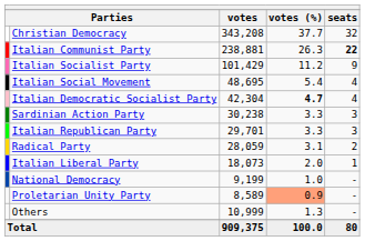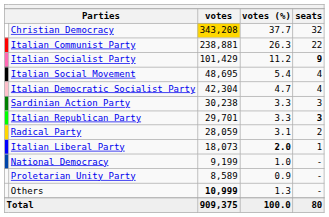 <table class="wikitable" style="font-size:95%">
 <tr>
 <th colspan=5></th>
 </tr>
 <tr>
 </tr>
 <tr bgcolor="EFEFEF">
 <th Colspan=2>Parties</th>
 <th>votes</th>
 <th>votes (%)</th>
 <th>seats</th>
 </tr>
 <tr>
 <td bgcolor=White></td>
 <td><a href='#'>Christian Democracy</a></td>
-<td align=right>343,208</td>
+<td align=right style="background: gold;">343,208</td>
 <td align=right>37.7</td>
 <td align=right>32</td>
 </tr>
 <tr>
 <td bgcolor=Red></td>
 <td><a href='#'>Italian Communist Party</a></td>
 <td align=right>238,881</td>
 <td align=right>26.3</td>
-<td align=right><strong>22</strong></td>
+<td align=right>22</td>
 </tr>
 <tr>
 <td bgcolor=Hotpink></td>
 <td><a href='#'>Italian Socialist Party</a></td>
 <td align=right>101,429</td>
 <td align=right>11.2</td>
-<td align=right>9</td>
+<td align=right><strong>9</strong></td>
 </tr>
 <tr>
 <td bgcolor=Black></td>
 <td><a href='#'>Italian Social Movement</a></td>
 <td align=right>48,695</td>
 <td align=right>5.4</td>
 <td align=right>4</td>
 </tr>
 <tr>
 <td bgcolor=Pink></td>
 <td><a href='#'>Italian Democratic Socialist Party</a></td>
 <td align=right>42,304</td>
-<td align=right><strong>4.7</strong></td>
+<td align=right>4.7</td>
 <td align=right>4</td>
 </tr>
 <tr>
 <td bgcolor=Green></td>
 <td><a href='#'>Sardinian Action Party</a></td>
 <td align=right>30,238</td>
 <td align=right>3.3</td>
 <td align=right>3</td>
 </tr>
 <tr>
 <td bgcolor=Lime></td>
 <td><a href='#'>Italian Republican Party</a></td>
 <td align=right>29,701</td>
 <td align=right>3.3</td>
-<td align=right>3</td>
+<td align=right><strong>3</strong></td>
 </tr>
 <tr>
 <td bgcolor=Gold></td>
 <td><a href='#'>Radical Party</a></td>
 <td align=right>28,059</td>
 <td align=right>3.1</td>
 <td align=right>2</td>
 </tr>
 <tr>
 <td bgcolor=Blue></td>
 <td><a href='#'>Italian Liberal Party</a></td>
 <td align=right>18,073</td>
-<td align=right>2.0</td>
+<td align=right><strong>2.0</strong></td>
 <td align=right>1</td>
 </tr>
 <tr>
 <td bgcolor=#0045AA></td>
 <td><a href='#'>National Democracy</a></td>
 <td align=right>9,199</td>
 <td align=right>1.0</td>
 <td align=right>-</td>
 </tr>
 <tr>
 <td bgcolor=></td>
 <td><a href='#'>Proletarian Unity Party</a></td>
 <td align=right>8,589</td>
-<td align=right style="background: lightsalmon;">0.9</td>
+<td align=right>0.9</td>
 <td align=right>-</td>
 </tr>
 <tr>
 <td bgcolor=></td>
 <td>Others</td>
-<td align=right>10,999</td>
+<td align=right><strong>10,999</strong></td>
 <td align=right>1.3</td>
 <td align=right>-</td>
 </tr>
 <tr>
 </tr>
 <tr bgcolor="EFEFEF">
 <td colspan=2><strong>Total</strong></td>
 <td align=right><strong>909,375</strong></td>
 <td align=right><strong>100.0</strong></td>
 <td align=right><strong>80</strong></td>
 </tr>
 </table>
